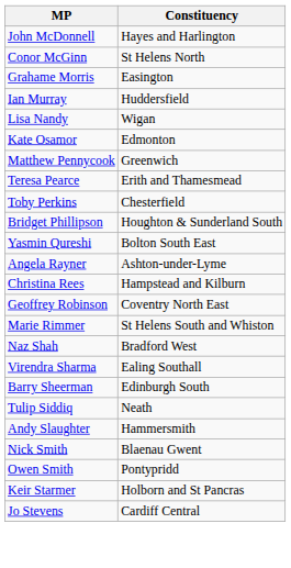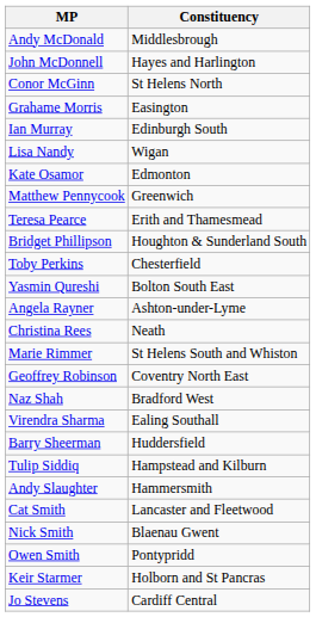 <table class="wikitable" style="display: inline-table;">
 <tr>
 <th>MP</th>
 <th>Constituency</th>
+</tr>
+<tr>
+<td><a href='#'>Andy McDonald</a></td>
+<td>Middlesbrough</td>
 </tr>
 <tr>
 <td><a href='#'>John McDonnell</a></td>
 <td>Hayes and Harlington</td>
 </tr>
 <tr>
 <td><a href='#'>Conor McGinn</a></td>
 <td>St Helens North</td>
 </tr>
 <tr>
 <td><a href='#'>Grahame Morris</a></td>
 <td>Easington</td>
 </tr>
 <tr>
 <td><a href='#'>Ian Murray</a></td>
-<td>Huddersfield</td>
+<td>Edinburgh South</td>
 </tr>
 <tr>
 <td><a href='#'>Lisa Nandy</a></td>
 <td>Wigan</td>
 </tr>
 <tr>
 <td><a href='#'>Kate Osamor</a></td>
 <td>Edmonton</td>
 </tr>
 <tr>
 <td><a href='#'>Matthew Pennycook</a></td>
 <td>Greenwich</td>
 </tr>
 <tr>
 <td><a href='#'>Teresa Pearce</a></td>
 <td>Erith and Thamesmead</td>
 </tr>
 <tr>
+<td><a href='#'>Bridget Phillipson</a></td>
+<td>Houghton & Sunderland South</td>
+</tr>
+<tr>
 <td><a href='#'>Toby Perkins</a></td>
 <td>Chesterfield</td>
-</tr>
-<tr>
-<td><a href='#'>Bridget Phillipson</a></td>
-<td>Houghton & Sunderland South</td>
 </tr>
 <tr>
 <td><a href='#'>Yasmin Qureshi</a></td>
 <td>Bolton South East</td>
 </tr>
 <tr>
 <td><a href='#'>Angela Rayner</a></td>
 <td>Ashton-under-Lyme</td>
 </tr>
 <tr>
 <td><a href='#'>Christina Rees</a></td>
-<td>Hampstead and Kilburn</td>
+<td>Neath</td>
+</tr>
+<tr>
+<td><a href='#'>Marie Rimmer</a></td>
+<td>St Helens South and Whiston</td>
 </tr>
 <tr>
 <td><a href='#'>Geoffrey Robinson</a></td>
 <td>Coventry North East</td>
-</tr>
-<tr>
-<td><a href='#'>Marie Rimmer</a></td>
-<td>St Helens South and Whiston</td>
 </tr>
 <tr>
 <td><a href='#'>Naz Shah</a></td>
 <td>Bradford West</td>
 </tr>
 <tr>
 <td><a href='#'>Virendra Sharma</a></td>
 <td>Ealing Southall</td>
 </tr>
 <tr>
 <td><a href='#'>Barry Sheerman</a></td>
-<td>Edinburgh South</td>
+<td>Huddersfield</td>
 </tr>
 <tr>
 <td><a href='#'>Tulip Siddiq</a></td>
-<td>Neath</td>
+<td>Hampstead and Kilburn</td>
 </tr>
 <tr>
 <td><a href='#'>Andy Slaughter</a></td>
 <td>Hammersmith</td>
+</tr>
+<tr>
+<td><a href='#'>Cat Smith</a></td>
+<td>Lancaster and Fleetwood</td>
 </tr>
 <tr>
 <td><a href='#'>Nick Smith</a></td>
 <td>Blaenau Gwent</td>
 </tr>
 <tr>
 <td><a href='#'>Owen Smith</a></td>
 <td>Pontypridd</td>
 </tr>
 <tr>
 <td><a href='#'>Keir Starmer</a></td>
 <td>Holborn and St Pancras</td>
 </tr>
 <tr>
 <td><a href='#'>Jo Stevens</a></td>
 <td>Cardiff Central</td>
 </tr>
 </table>
